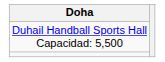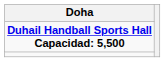 <table class="wikitable" style="margin:1em auto; text-align:center;">
 <tr>
 <th style="border-left:none; border-right;">Doha</th>
 <th rowspan="6"></th>
 </tr>
 <tr>
-<td><a href='#'>Duhail Handball Sports Hall</a><br>Capacidad: 5,500</td>
+<td><strong><a href='#'>Duhail Handball Sports Hall</a><br>Capacidad: 5,500</strong></td>
 </tr>
 <tr>
 <td></td>
 </tr>
 </table>
